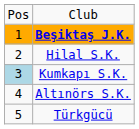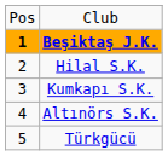 <table class="wikitable" style="text-align: center;">
 <tr>
 <td>Pos</td>
 <td>Club</td>
 </tr>
 <tr style="background: #FFAA00;">
-<td>1</td>
+<td><strong>1</strong></td>
 <td><strong><a href='#'>Beşiktaş J.K.</a></strong></td>
 </tr>
 <tr>
 <td>2</td>
 <td><a href='#'>Hilal S.K.</a></td>
 </tr>
 <tr>
-<td style="background: lightblue;">3</td>
+<td>3</td>
 <td><a href='#'>Kumkapı S.K.</a></td>
 </tr>
 <tr>
 <td>4</td>
 <td><a href='#'>Altınörs S.K.</a></td>
 </tr>
 <tr>
 <td>5</td>
 <td><a href='#'>Türkgücü</a></td>
 </tr>
 </table>
